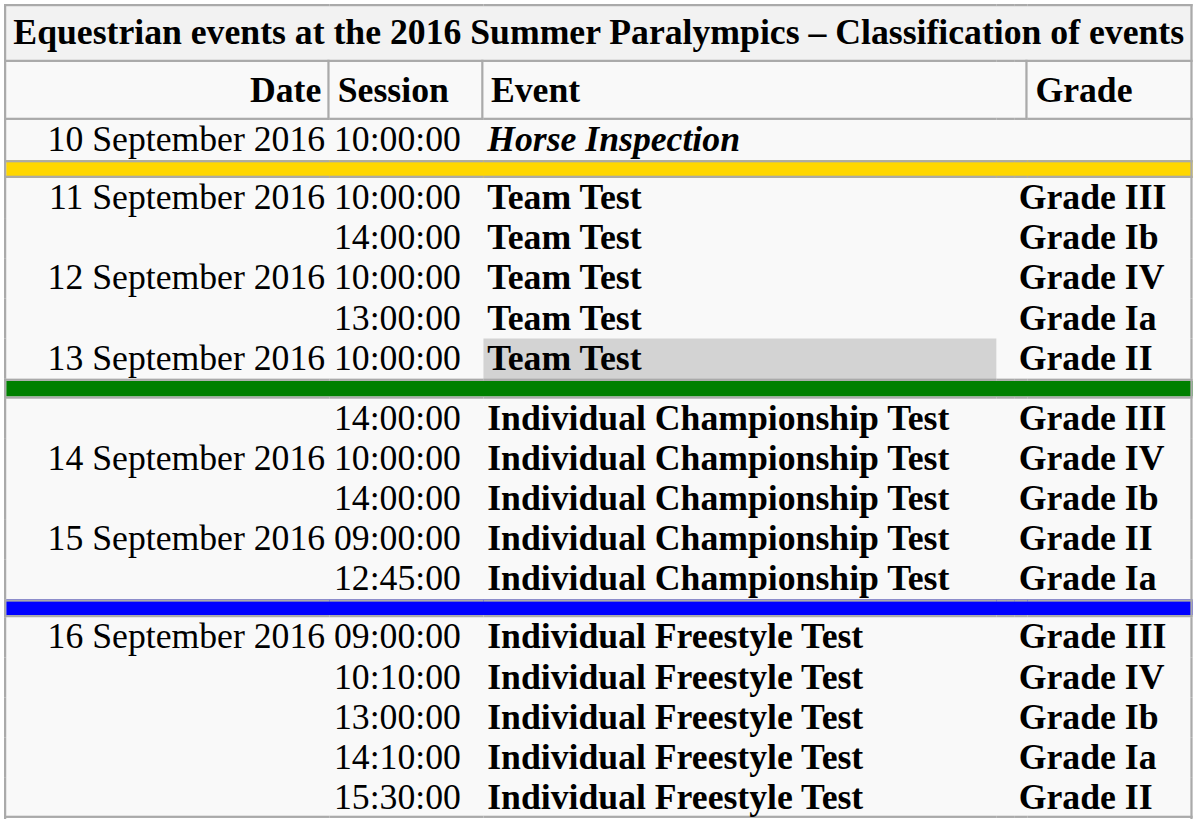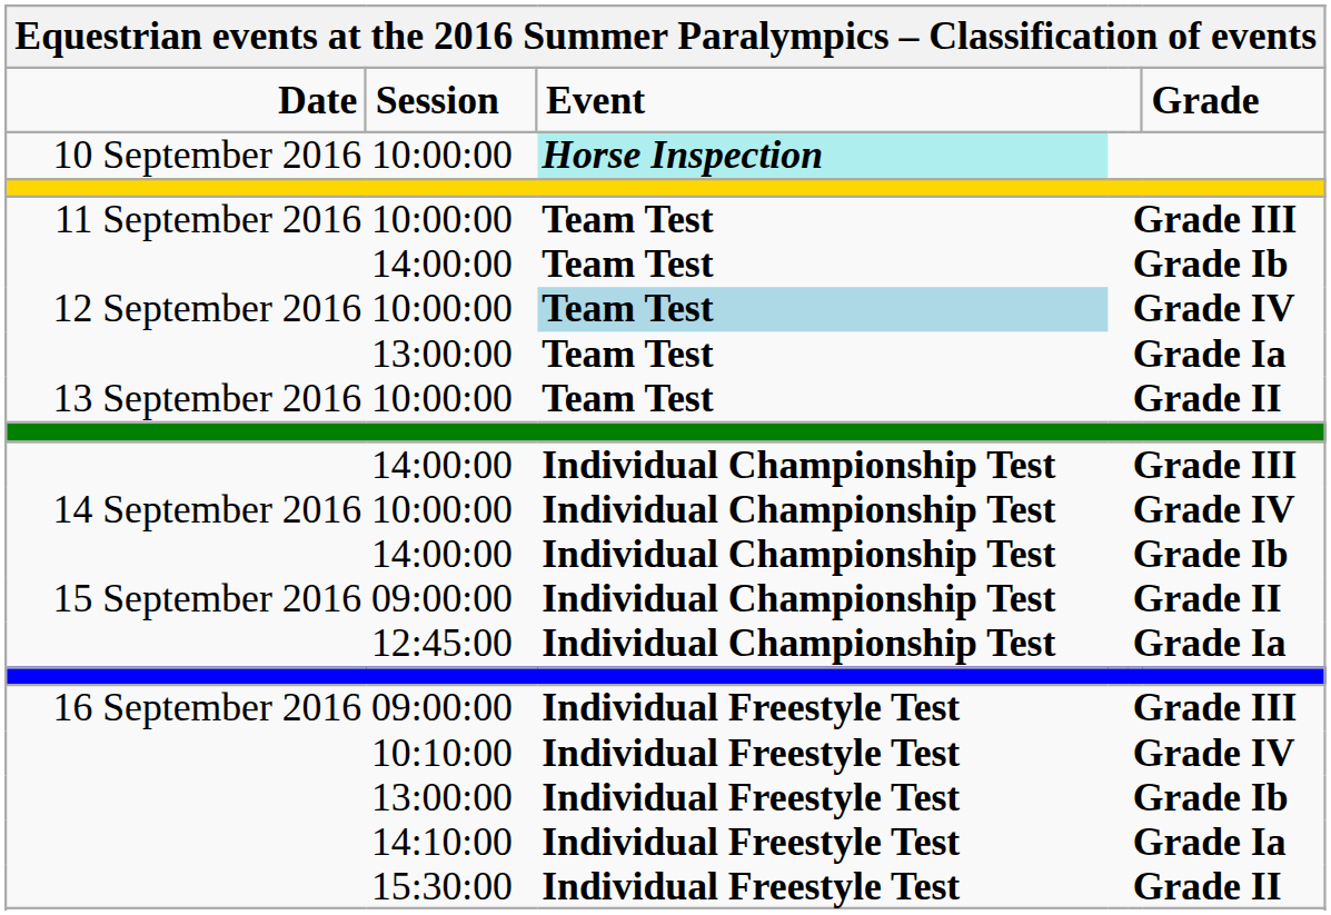 <table class="wikitable">
 <tr>
 <th colspan="6">Equestrian events at the 2016 Summer Paralympics – Classification of events</th>
 </tr>
 <tr>
 <td align=right><strong>Date</strong></td>
 <td><strong>Session</strong></td>
 <td colspan="3"><strong>Event</strong></td>
 <td><strong>Grade</strong></td>
 </tr>
 <tr>
 <td align=right style="border:none;padding-top:0cm;padding-bottom:0cm;padding-left:0.053cm;padding-right:0.053cm;">10 September 2016</td>
 <td style="border:none;padding-top:0cm;padding-bottom:0cm;padding-left:0.053cm;padding-right:0.053cm;">10:00:00</td>
-<td style="border:none;padding-top:0cm;padding-bottom:0cm;padding-left:0.053cm;padding-right:0.053cm;"><strong><em>Horse Inspection</em></strong></td>
+<td style="background: paleturquoise; border:none;padding-top:0cm;padding-bottom:0cm;padding-left:0.053cm;padding-right:0.053cm;"><strong><em>Horse Inspection</em></strong></td>
 <td style="border:none;padding-top:0cm;padding-bottom:0cm;padding-left:0.053cm;padding-right:0.053cm;"></td>
 <td style="border:none;padding-top:0cm;padding-bottom:0cm;padding-left:0.053cm;padding-right:0.053cm;"></td>
 <td style="border:none;padding-top:0cm;padding-bottom:0cm;padding-left:0.053cm;padding-right:0.053cm;"></td>
 </tr>
 <tr style="border:none;padding-top:0cm;padding-bottom:0cm;padding-left:0.053cm;padding-right:0.053cm;">
 <td colspan="6" bgcolor="gold"></td>
 </tr>
 <tr>
 <td colspan="5"  style="border:none;padding-top:0cm;padding-bottom:0cm;padding-left:0.053cm;padding-right:0.053cm;"></td>
 <td style="border:none;padding-top:0cm;padding-bottom:0cm;padding-left:0.053cm;padding-right:0.053cm;"></td>
 </tr>
 <tr>
 <td align=right style="border:none;padding-top:0cm;padding-bottom:0cm;padding-left:0.053cm;padding-right:0.053cm;">11 September 2016</td>
 <td style="border:none;padding-top:0cm;padding-bottom:0cm;padding-left:0.053cm;padding-right:0.053cm;">10:00:00</td>
 <td style="border:none;padding-top:0cm;padding-bottom:0cm;padding-left:0.053cm;padding-right:0.053cm;"><strong>Team Test</strong></td>
 <td style="border:none;padding-top:0cm;padding-bottom:0cm;padding-left:0.053cm;padding-right:0.053cm;"></td>
 <td colspan="2"  style="border:none;padding-top:0cm;padding-bottom:0cm;padding-left:0.053cm;padding-right:0.053cm;"><strong>Grade III</strong></td>
 </tr>
 <tr>
 <td style="border:none;padding-top:0cm;padding-bottom:0cm;padding-left:0.053cm;padding-right:0.053cm;"></td>
 <td style="border:none;padding-top:0cm;padding-bottom:0cm;padding-left:0.053cm;padding-right:0.053cm;">14:00:00</td>
 <td style="border:none;padding-top:0cm;padding-bottom:0cm;padding-left:0.053cm;padding-right:0.053cm;"><strong>Team Test</strong></td>
 <td style="border:none;padding-top:0cm;padding-bottom:0cm;padding-left:0.053cm;padding-right:0.053cm;"></td>
 <td colspan="2"  style="border:none;padding-top:0cm;padding-bottom:0cm;padding-left:0.053cm;padding-right:0.053cm;"><strong>Grade Ib</strong></td>
 </tr>
 <tr>
 <td align=right style="border:none;padding-top:0cm;padding-bottom:0cm;padding-left:0.053cm;padding-right:0.053cm;">12 September 2016</td>
 <td style="border:none;padding-top:0cm;padding-bottom:0cm;padding-left:0.053cm;padding-right:0.053cm;">10:00:00</td>
-<td style="border:none;padding-top:0cm;padding-bottom:0cm;padding-left:0.053cm;padding-right:0.053cm;"><strong>Team Test</strong></td>
+<td style="background: lightblue; border:none;padding-top:0cm;padding-bottom:0cm;padding-left:0.053cm;padding-right:0.053cm;"><strong>Team Test</strong></td>
 <td style="border:none;padding-top:0cm;padding-bottom:0cm;padding-left:0.053cm;padding-right:0.053cm;"></td>
 <td colspan="2"  style="border:none;padding-top:0cm;padding-bottom:0cm;padding-left:0.053cm;padding-right:0.053cm;"><strong>Grade IV</strong></td>
 </tr>
 <tr>
 <td style="border:none;padding-top:0cm;padding-bottom:0cm;padding-left:0.053cm;padding-right:0.053cm;"></td>
 <td style="border:none;padding-top:0cm;padding-bottom:0cm;padding-left:0.053cm;padding-right:0.053cm;">13:00:00</td>
 <td style="border:none;padding-top:0cm;padding-bottom:0cm;padding-left:0.053cm;padding-right:0.053cm;"><strong>Team Test</strong></td>
 <td style="border:none;padding-top:0cm;padding-bottom:0cm;padding-left:0.053cm;padding-right:0.053cm;"></td>
 <td colspan="2"  style="border:none;padding-top:0cm;padding-bottom:0cm;padding-left:0.053cm;padding-right:0.053cm;"><strong>Grade Ia</strong></td>
 </tr>
 <tr>
 <td align=right style="border:none;padding-top:0cm;padding-bottom:0cm;padding-left:0.053cm;padding-right:0.053cm;">13 September 2016</td>
 <td style="border:none;padding-top:0cm;padding-bottom:0cm;padding-left:0.053cm;padding-right:0.053cm;">10:00:00</td>
-<td style="background: lightgrey; border:none;padding-top:0cm;padding-bottom:0cm;padding-left:0.053cm;padding-right:0.053cm;"><strong>Team Test</strong></td>
+<td style="border:none;padding-top:0cm;padding-bottom:0cm;padding-left:0.053cm;padding-right:0.053cm;"><strong>Team Test</strong></td>
 <td style="border:none;padding-top:0cm;padding-bottom:0cm;padding-left:0.053cm;padding-right:0.053cm;"></td>
 <td colspan="2"  style="border:none;padding-top:0cm;padding-bottom:0cm;padding-left:0.053cm;padding-right:0.053cm;"><strong>Grade II</strong></td>
 </tr>
 <tr style="border:none;padding-top:0cm;padding-bottom:0cm;padding-left:0.053cm;padding-right:0.053cm;bgcolor:green;">
 <td colspan="6"  bgcolor="green"></td>
 </tr>
 <tr>
 <td style="border:none;padding-top:0cm;padding-bottom:0cm;padding-left:0.053cm;padding-right:0.053cm;"></td>
 <td style="border:none;padding-top:0cm;padding-bottom:0cm;padding-left:0.053cm;padding-right:0.053cm;">14:00:00</td>
 <td colspan="2"  style="border:none;padding-top:0cm;padding-bottom:0cm;padding-left:0.053cm;padding-right:0.053cm;"><strong>Individual Championship Test</strong></td>
 <td colspan="2"  style="border:none;padding-top:0cm;padding-bottom:0cm;padding-left:0.053cm;padding-right:0.053cm;"><strong>Grade III</strong></td>
 </tr>
 <tr>
 <td align=right style="border:none;padding-top:0cm;padding-bottom:0cm;padding-left:0.053cm;padding-right:0.053cm;">14 September 2016</td>
 <td style="border:none;padding-top:0cm;padding-bottom:0cm;padding-left:0.053cm;padding-right:0.053cm;">10:00:00</td>
 <td colspan="2"  style="border:none;padding-top:0cm;padding-bottom:0cm;padding-left:0.053cm;padding-right:0.053cm;"><strong>Individual Championship Test</strong></td>
 <td colspan="2"  style="border:none;padding-top:0cm;padding-bottom:0cm;padding-left:0.053cm;padding-right:0.053cm;"><strong>Grade IV</strong></td>
 </tr>
 <tr>
 <td style="border:none;padding-top:0cm;padding-bottom:0cm;padding-left:0.053cm;padding-right:0.053cm;"></td>
 <td style="border:none;padding-top:0cm;padding-bottom:0cm;padding-left:0.053cm;padding-right:0.053cm;">14:00:00</td>
 <td colspan="2"  style="border:none;padding-top:0cm;padding-bottom:0cm;padding-left:0.053cm;padding-right:0.053cm;"><strong>Individual Championship Test</strong></td>
 <td colspan="2"  style="border:none;padding-top:0cm;padding-bottom:0cm;padding-left:0.053cm;padding-right:0.053cm;"><strong>Grade Ib</strong></td>
 </tr>
 <tr>
 <td align=right style="border:none;padding-top:0cm;padding-bottom:0cm;padding-left:0.053cm;padding-right:0.053cm;">15 September 2016</td>
 <td style="border:none;padding-top:0cm;padding-bottom:0cm;padding-left:0.053cm;padding-right:0.053cm;">09:00:00</td>
 <td colspan="2"  style="border:none;padding-top:0cm;padding-bottom:0cm;padding-left:0.053cm;padding-right:0.053cm;"><strong>Individual Championship Test</strong></td>
 <td colspan="2"  style="border:none;padding-top:0cm;padding-bottom:0cm;padding-left:0.053cm;padding-right:0.053cm;"><strong>Grade II</strong></td>
 </tr>
 <tr>
 <td style="border:none;padding-top:0cm;padding-bottom:0cm;padding-left:0.053cm;padding-right:0.053cm;"></td>
 <td style="border:none;padding-top:0cm;padding-bottom:0cm;padding-left:0.053cm;padding-right:0.053cm;">12:45:00</td>
 <td colspan="2"  style="border:none;padding-top:0cm;padding-bottom:0cm;padding-left:0.053cm;padding-right:0.053cm;"><strong>Individual Championship Test</strong></td>
 <td colspan="2"  style="border:none;padding-top:0cm;padding-bottom:0cm;padding-left:0.053cm;padding-right:0.053cm;"><strong>Grade Ia</strong></td>
 </tr>
 <tr style="border:none;padding-top:0cm;padding-bottom:0cm;padding-left:0.053cm;padding-right:0.053cm;bgcolor:green;">
 <td colspan="6"  bgcolor="blue"></td>
 </tr>
 <tr>
 <td align=right style="border:none;padding-top:0cm;padding-bottom:0cm;padding-left:0.053cm;padding-right:0.053cm;">16 September 2016</td>
 <td style="border:none;padding-top:0cm;padding-bottom:0cm;padding-left:0.053cm;padding-right:0.053cm;">09:00:00</td>
 <td colspan="2"  style="border:none;padding-top:0cm;padding-bottom:0cm;padding-left:0.053cm;padding-right:0.053cm;"><strong>Individual Freestyle Test</strong></td>
 <td colspan="2"  style="border:none;padding-top:0cm;padding-bottom:0cm;padding-left:0.053cm;padding-right:0.053cm;"><strong>Grade III</strong></td>
 </tr>
 <tr>
 <td style="border:none;padding-top:0cm;padding-bottom:0cm;padding-left:0.053cm;padding-right:0.053cm;"></td>
 <td style="border:none;padding-top:0cm;padding-bottom:0cm;padding-left:0.053cm;padding-right:0.053cm;">10:10:00</td>
 <td colspan="2"  style="border:none;padding-top:0cm;padding-bottom:0cm;padding-left:0.053cm;padding-right:0.053cm;"><strong>Individual Freestyle Test</strong></td>
 <td colspan="2"  style="border:none;padding-top:0cm;padding-bottom:0cm;padding-left:0.053cm;padding-right:0.053cm;"><strong>Grade IV</strong></td>
 </tr>
 <tr>
 <td style="border:none;padding-top:0cm;padding-bottom:0cm;padding-left:0.053cm;padding-right:0.053cm;"></td>
 <td style="border:none;padding-top:0cm;padding-bottom:0cm;padding-left:0.053cm;padding-right:0.053cm;">13:00:00</td>
 <td colspan="2"  style="border:none;padding-top:0cm;padding-bottom:0cm;padding-left:0.053cm;padding-right:0.053cm;"><strong>Individual Freestyle Test</strong></td>
 <td colspan="2"  style="border:none;padding-top:0cm;padding-bottom:0cm;padding-left:0.053cm;padding-right:0.053cm;"><strong>Grade Ib</strong></td>
 </tr>
 <tr>
 <td style="border:none;padding-top:0cm;padding-bottom:0cm;padding-left:0.053cm;padding-right:0.053cm;"></td>
 <td style="border:none;padding-top:0cm;padding-bottom:0cm;padding-left:0.053cm;padding-right:0.053cm;">14:10:00</td>
 <td colspan="2"  style="border:none;padding-top:0cm;padding-bottom:0cm;padding-left:0.053cm;padding-right:0.053cm;"><strong>Individual Freestyle Test</strong></td>
 <td colspan="2"  style="border:none;padding-top:0cm;padding-bottom:0cm;padding-left:0.053cm;padding-right:0.053cm;"><strong>Grade Ia</strong></td>
 </tr>
 <tr>
 <td style="border:none;padding-top:0cm;padding-bottom:0cm;padding-left:0.053cm;padding-right:0.053cm;"></td>
 <td style="border:none;padding-top:0cm;padding-bottom:0cm;padding-left:0.053cm;padding-right:0.053cm;">15:30:00</td>
 <td colspan="2"  style="border:none;padding-top:0cm;padding-bottom:0cm;padding-left:0.053cm;padding-right:0.053cm;"><strong>Individual Freestyle Test</strong></td>
 <td colspan="2"  style="border:none;padding-top:0cm;padding-bottom:0cm;padding-left:0.053cm;padding-right:0.053cm;"><strong>Grade II</strong></td>
 </tr>
 <tr>
 <td colspan="5"  style="border:none;padding-top:0cm;padding-bottom:0cm;padding-left:0.053cm;padding-right:0.053cm;"></td>
 <td style="border:none;padding-top:0cm;padding-bottom:0cm;padding-left:0.053cm;padding-right:0.053cm;"></td>
 </tr>
 <tr>
 </tr>
 </table>
